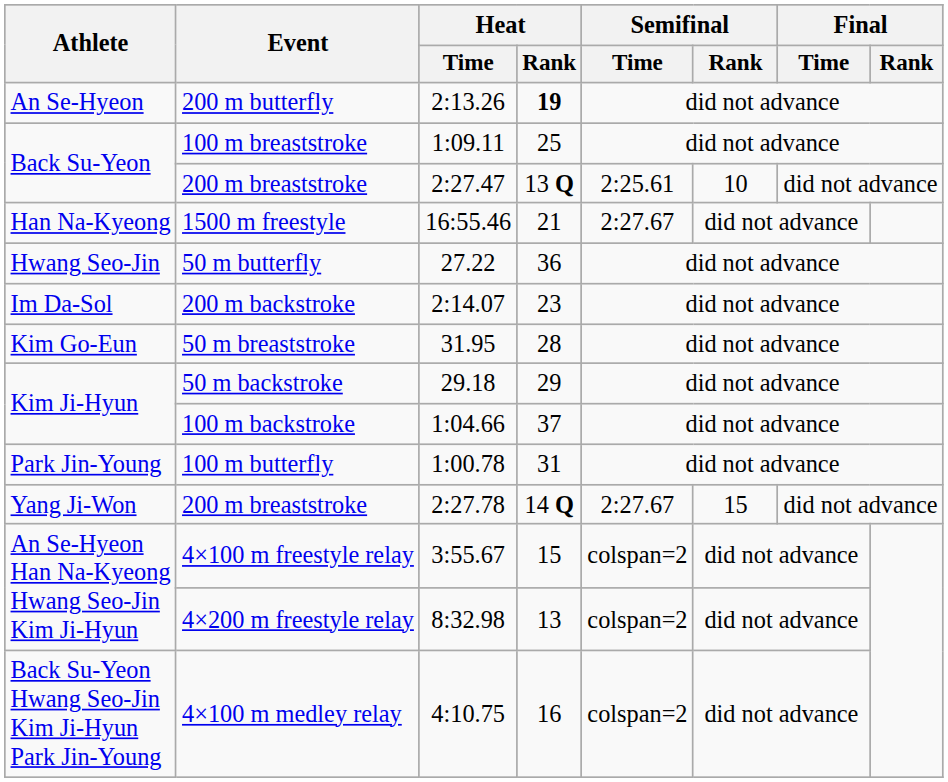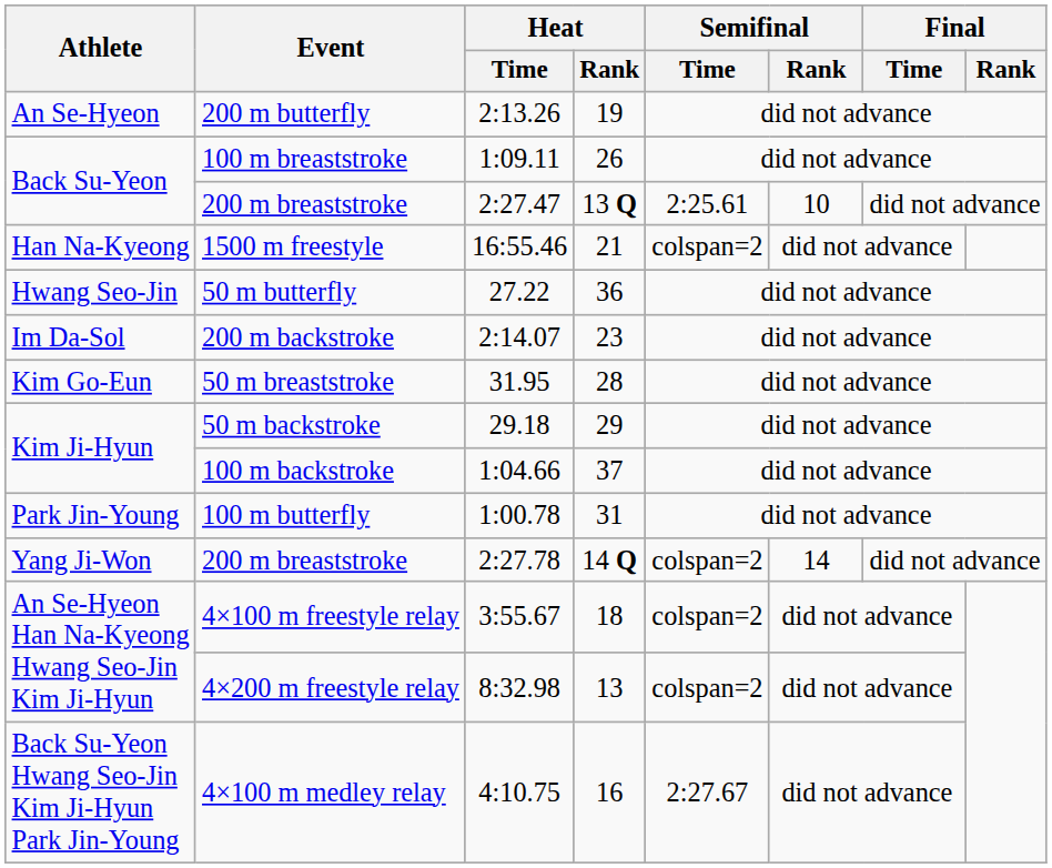 <table class=wikitable style="font-size:90%">
 <tr>
 <th rowspan=2>Athlete</th>
 <th rowspan=2>Event</th>
 <th colspan="2">Heat</th>
 <th colspan="2">Semifinal</th>
 <th colspan="2">Final</th>
 </tr>
 <tr style="font-size:95%">
 <th>Time</th>
 <th>Rank</th>
 <th>Time</th>
 <th>Rank</th>
 <th>Time</th>
 <th>Rank</th>
 </tr>
 <tr align=center>
 <td align=left><a href='#'>An Se-Hyeon</a></td>
 <td align=left><a href='#'>200 m butterfly</a></td>
 <td>2:13.26</td>
-<td><strong>19</strong></td>
+<td>19</td>
 <td colspan=4>did not advance</td>
 </tr>
 <tr align=center>
 <td align=left rowspan=2><a href='#'>Back Su-Yeon</a></td>
 <td align=left><a href='#'>100 m breaststroke</a></td>
 <td>1:09.11</td>
-<td>25</td>
+<td>26</td>
 <td colspan=4>did not advance</td>
 </tr>
 <tr align=center>
 <td align=left><a href='#'>200 m breaststroke</a></td>
 <td>2:27.47</td>
 <td>13 <strong>Q</strong></td>
 <td>2:25.61</td>
 <td>10</td>
 <td colspan=2>did not advance</td>
 </tr>
 <tr align=center>
 <td align=left><a href='#'>Han Na-Kyeong</a></td>
 <td align=left><a href='#'>1500 m freestyle</a></td>
 <td>16:55.46</td>
 <td>21</td>
-<td>2:27.67</td>
+<td>colspan=2 </td>
 <td colspan=2>did not advance</td>
 </tr>
 <tr align=center>
 <td align=left><a href='#'>Hwang Seo-Jin</a></td>
 <td align=left><a href='#'>50 m butterfly</a></td>
 <td>27.22</td>
 <td>36</td>
 <td colspan=4>did not advance</td>
 </tr>
 <tr align=center>
 <td align=left><a href='#'>Im Da-Sol</a></td>
 <td align=left><a href='#'>200 m backstroke</a></td>
 <td>2:14.07</td>
 <td>23</td>
 <td colspan=4>did not advance</td>
 </tr>
 <tr align=center>
 <td align=left><a href='#'>Kim Go-Eun</a></td>
 <td align=left><a href='#'>50 m breaststroke</a></td>
 <td>31.95</td>
 <td>28</td>
 <td colspan=4>did not advance</td>
 </tr>
 <tr align=center>
 <td align=left rowspan=2><a href='#'>Kim Ji-Hyun</a></td>
 <td align=left><a href='#'>50 m backstroke</a></td>
 <td>29.18</td>
 <td>29</td>
 <td colspan=4>did not advance</td>
 </tr>
 <tr align=center>
 <td align=left><a href='#'>100 m backstroke</a></td>
 <td>1:04.66</td>
 <td>37</td>
 <td colspan=4>did not advance</td>
 </tr>
 <tr align=center>
 <td align=left><a href='#'>Park Jin-Young</a></td>
 <td align=left><a href='#'>100 m butterfly</a></td>
 <td>1:00.78</td>
 <td>31</td>
 <td colspan=4>did not advance</td>
 </tr>
 <tr align=center>
 <td align=left><a href='#'>Yang Ji-Won</a></td>
 <td align=left><a href='#'>200 m breaststroke</a></td>
 <td>2:27.78</td>
 <td>14 <strong>Q</strong></td>
-<td>2:27.67</td>
-<td>15</td>
+<td>colspan=2 </td>
+<td>14</td>
 <td colspan=2>did not advance</td>
 </tr>
 <tr align=center>
 <td align=left rowspan=2><a href='#'>An Se-Hyeon</a><br><a href='#'>Han Na-Kyeong</a><br><a href='#'>Hwang Seo-Jin</a><br><a href='#'>Kim Ji-Hyun</a></td>
 <td align=left><a href='#'>4×100 m freestyle relay</a></td>
 <td>3:55.67</td>
-<td>15</td>
+<td>18</td>
 <td>colspan=2 </td>
 <td colspan=2>did not advance</td>
 </tr>
 <tr align=center>
 <td align=left><a href='#'>4×200 m freestyle relay</a></td>
 <td>8:32.98</td>
 <td>13</td>
 <td>colspan=2 </td>
 <td colspan=2>did not advance</td>
 </tr>
 <tr align=center>
 <td align=left><a href='#'>Back Su-Yeon</a><br><a href='#'>Hwang Seo-Jin</a><br><a href='#'>Kim Ji-Hyun</a><br><a href='#'>Park Jin-Young</a></td>
 <td align=left><a href='#'>4×100 m medley relay</a></td>
 <td>4:10.75</td>
 <td>16</td>
-<td>colspan=2 </td>
+<td>2:27.67</td>
 <td colspan=2>did not advance</td>
 </tr>
 </table>
